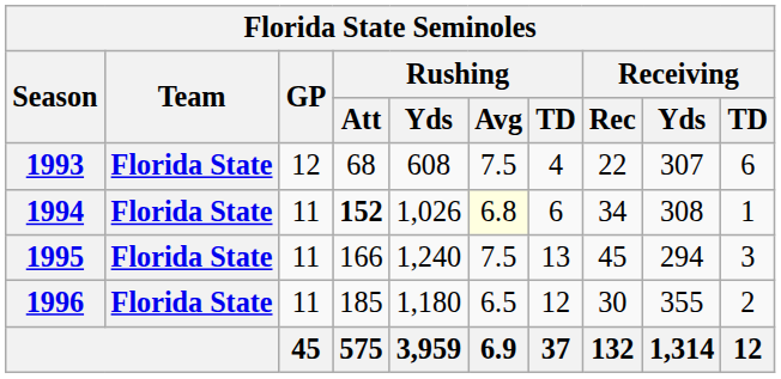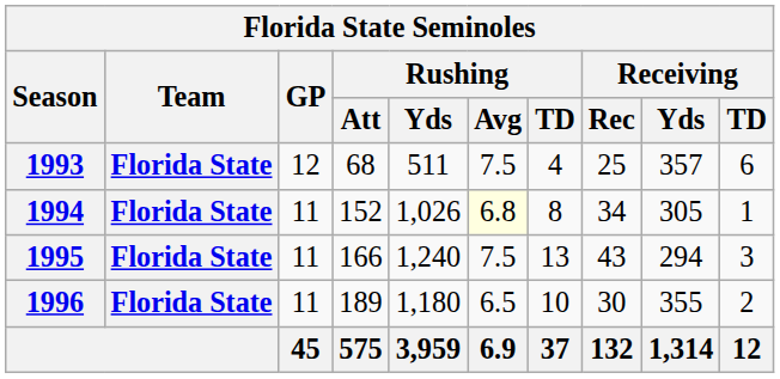 <table class="wikitable" style="text-align:center;">
 <tr>
 <th colspan="10">Florida State Seminoles</th>
 </tr>
 <tr>
 <th rowspan="2">Season</th>
 <th rowspan="2">Team</th>
 <th rowspan="2">GP</th>
 <th colspan="4">Rushing</th>
 <th colspan="3">Receiving</th>
 </tr>
 <tr>
 <th>Att</th>
 <th>Yds</th>
 <th>Avg</th>
 <th>TD</th>
 <th>Rec</th>
 <th>Yds</th>
 <th>TD</th>
 </tr>
 <tr>
 <th><a href='#'>1993</a></th>
 <th><a href='#'>Florida State</a></th>
 <td>12</td>
 <td>68</td>
-<td>608</td>
+<td>511</td>
 <td>7.5</td>
 <td>4</td>
-<td>22</td>
-<td>307</td>
+<td>25</td>
+<td>357</td>
 <td>6</td>
 </tr>
 <tr>
 <th><a href='#'>1994</a></th>
 <th><a href='#'>Florida State</a></th>
 <td>11</td>
-<td><strong>152</strong></td>
+<td>152</td>
 <td>1,026</td>
 <td style="background: lightyellow;">6.8</td>
-<td>6</td>
+<td>8</td>
 <td>34</td>
-<td>308</td>
+<td>305</td>
 <td>1</td>
 </tr>
 <tr>
 <th><a href='#'>1995</a></th>
 <th><a href='#'>Florida State</a></th>
 <td>11</td>
 <td>166</td>
 <td>1,240</td>
 <td>7.5</td>
 <td>13</td>
-<td>45</td>
+<td>43</td>
 <td>294</td>
 <td>3</td>
 </tr>
 <tr>
 <th><a href='#'>1996</a></th>
 <th><a href='#'>Florida State</a></th>
 <td>11</td>
-<td>185</td>
+<td>189</td>
 <td>1,180</td>
 <td>6.5</td>
-<td>12</td>
+<td>10</td>
 <td>30</td>
 <td>355</td>
 <td>2</td>
 </tr>
 <tr>
 <th colspan="2"></th>
 <th>45</th>
 <th>575</th>
 <th>3,959</th>
 <th>6.9</th>
 <th>37</th>
 <th>132</th>
 <th>1,314</th>
 <th>12</th>
 </tr>
 </table>
